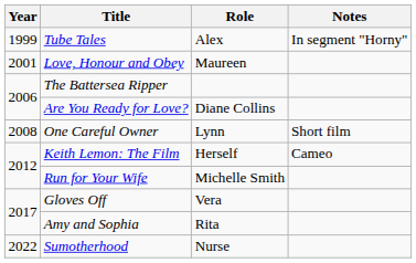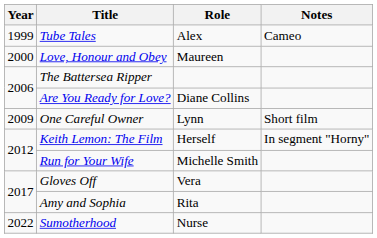 <table class="wikitable sortable">
 <tr>
 <th>Year</th>
 <th>Title</th>
 <th>Role</th>
 <th class="unsortable">Notes</th>
 </tr>
 <tr>
 <td>1999</td>
 <td><em><a href='#'>Tube Tales</a></em></td>
 <td>Alex</td>
-<td>In segment "Horny"</td>
+<td>Cameo</td>
 </tr>
 <tr>
-<td>2001</td>
+<td>2000</td>
 <td><em><a href='#'>Love, Honour and Obey</a></em></td>
 <td>Maureen</td>
 <td></td>
 </tr>
 <tr>
 <td rowspan=2>2006</td>
 <td><em>The Battersea Ripper</em></td>
 <td></td>
 <td></td>
 </tr>
 <tr>
 <td><em><a href='#'>Are You Ready for Love?</a></em></td>
 <td>Diane Collins</td>
 <td></td>
 </tr>
 <tr>
-<td>2008</td>
+<td>2009</td>
 <td><em>One Careful Owner</em></td>
 <td>Lynn</td>
 <td>Short film</td>
 </tr>
 <tr>
 <td rowspan=2>2012</td>
 <td><em><a href='#'>Keith Lemon: The Film</a></em></td>
 <td>Herself</td>
-<td>Cameo</td>
+<td>In segment "Horny"</td>
 </tr>
 <tr>
 <td><em><a href='#'>Run for Your Wife</a></em></td>
 <td>Michelle Smith</td>
 <td></td>
 </tr>
 <tr>
 <td rowspan=2>2017</td>
 <td><em>Gloves Off</em></td>
 <td>Vera</td>
 <td></td>
 </tr>
 <tr>
 <td><em>Amy and Sophia</em></td>
 <td>Rita</td>
 <td></td>
 </tr>
 <tr>
 <td>2022</td>
 <td><em><a href='#'>Sumotherhood</a></em></td>
 <td>Nurse</td>
 <td></td>
 </tr>
 </table>
